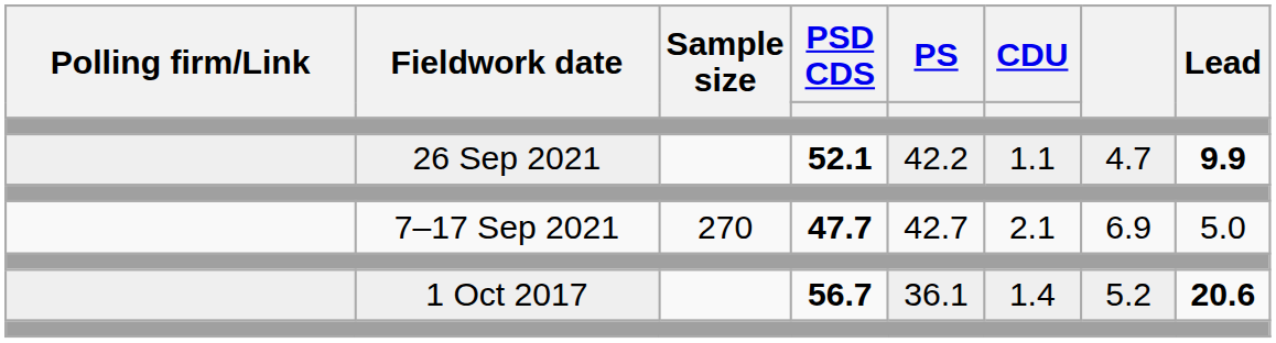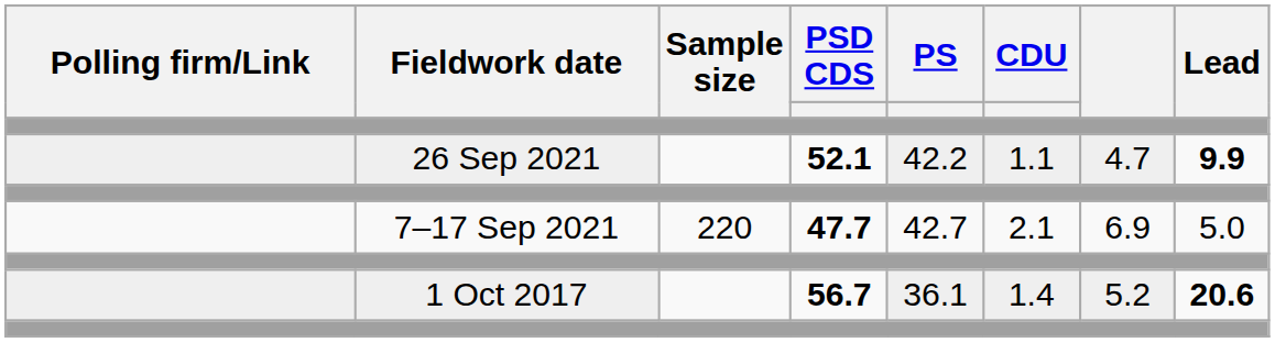 <table class="wikitable sortable mw-datatable" style="text-align:center;font-size:90%;line-height:16px;">
 <tr style="height:42px;">
 <th style="width:145px;" rowspan="2">Polling firm/Link</th>
 <th style="width:125px;" rowspan="2">Fieldwork date</th>
 <th class="unsortable" style="width:50px;" rowspan="2">Sample size</th>
 <th class="unsortable" style="width:35px;"><a href='#'>PSD</a><br><a href='#'>CDS</a></th>
 <th class="unsortable" style="width:35px;"><a href='#'>PS</a></th>
 <th class="unsortable" style="width:35px;"><a href='#'>CDU</a></th>
 <th class="unsortable" style="width:35px;" rowspan="2"></th>
 <th class="unsortable" style="width:30px;" rowspan="2">Lead</th>
 </tr>
 <tr>
 <th class="unsortable" style="color:inherit;background:"></th>
 <th class="unsortable" style="color:inherit;background:"></th>
 <th class="unsortable" style="color:inherit;background:"></th>
 </tr>
 <tr>
 <td colspan="12" style="background:#A0A0A0"></td>
 </tr>
 <tr>
 <td style="background:#EFEFEF;"><strong></strong></td>
 <td style="background:#EFEFEF;" data-sort-value="2019-10-06">26 Sep 2021</td>
 <td></td>
 <td><strong>52.1</strong><br></td>
 <td style="background:#EFEFEF;">42.2<br></td>
 <td style="background:#EFEFEF;">1.1<br></td>
 <td style="background:#EFEFEF;">4.7<br></td>
 <td style="background:"><strong>9.9</strong></td>
 </tr>
 <tr>
 <td colspan="12" style="background:#A0A0A0"></td>
 </tr>
 <tr>
 <td align="center"></td>
 <td align="center">7–17 Sep 2021</td>
-<td align="center">270</td>
+<td align="center">220</td>
 <td align="center" ><strong>47.7</strong></td>
 <td align="center">42.7</td>
 <td align="center">2.1</td>
 <td align="center">6.9</td>
 <td style="background:">5.0</td>
 </tr>
 <tr>
 <td colspan="12" style="background:#A0A0A0"></td>
 </tr>
 <tr>
 <td style="background:#EFEFEF;"><strong></strong></td>
 <td style="background:#EFEFEF;" data-sort-value="2019-10-06">1 Oct 2017</td>
 <td></td>
 <td><strong>56.7</strong><br></td>
 <td style="background:#EFEFEF;">36.1<br></td>
 <td style="background:#EFEFEF;">1.4<br></td>
 <td style="background:#EFEFEF;">5.2</td>
 <td style="background:"><strong>20.6</strong></td>
 </tr>
 <tr>
 <td colspan="12" style="background:#A0A0A0"></td>
 </tr>
 </table>
